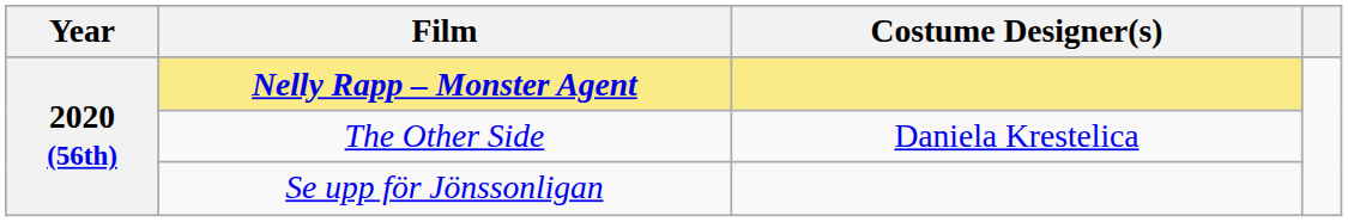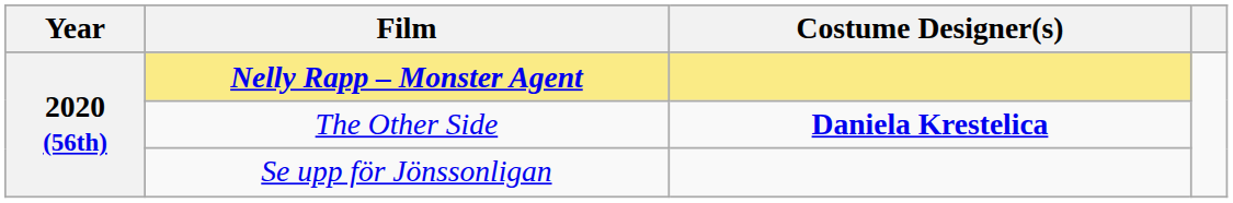 <table class="wikitable" style="text-align:center;">
 <tr>
 <th scope="col" style="width:8%;">Year</th>
 <th scope="col" style="width:30%;">Film</th>
 <th scope="col" style="width:30%;">Costume Designer(s)</th>
 <th scope="col" style="width:2%;" class="unsortable"></th>
 </tr>
 <tr>
 <th scope="row" rowspan="3" style="text-align:center"><strong>2020</strong><br><small><a href='#'>(56th)</a></small></th>
 <td style="background:#FAEB86"><strong><em><a href='#'>Nelly Rapp – Monster Agent</a></em></strong></td>
 <td style="background:#FAEB86"><strong></strong></td>
 <td rowspan="3"></td>
 </tr>
 <tr>
 <td><em><a href='#'>The Other Side</a></em></td>
-<td><a href='#'>Daniela Krestelica</a></td>
+<td><strong><a href='#'>Daniela Krestelica</a></strong></td>
 </tr>
 <tr>
 <td><em><a href='#'>Se upp för Jönssonligan</a></em></td>
 <td></td>
 </tr>
 </table>
